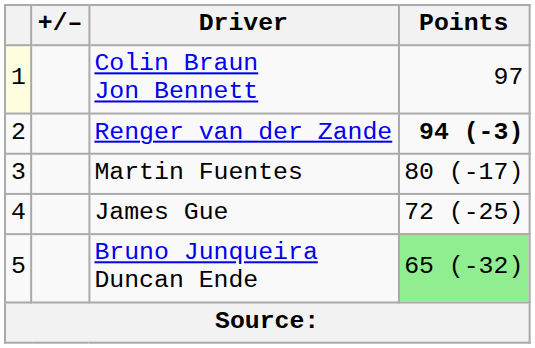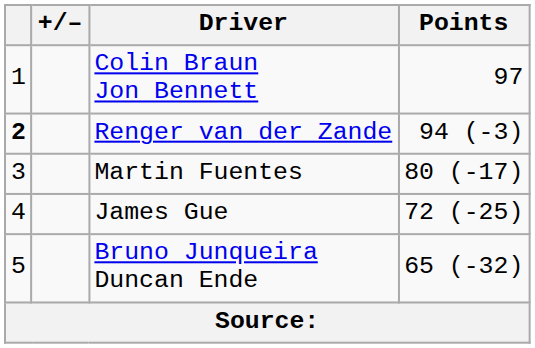 <table class="wikitable" style="font-size: 95%;">
 <tr>
 <th scope="col"></th>
 <th scope="col">+/–</th>
 <th scope="col">Driver</th>
 <th scope="col">Points</th>
 </tr>
 <tr>
-<td align=center style="background: lightyellow;">1</td>
+<td align=center>1</td>
 <td align="left"></td>
 <td> <a href='#'>Colin Braun</a><br> <a href='#'>Jon Bennett</a></td>
 <td align=right>97</td>
 </tr>
 <tr>
-<td align=center>2</td>
+<td align=center><strong>2</strong></td>
 <td align="left"></td>
 <td> <a href='#'>Renger van der Zande</a></td>
-<td align=right><strong>94 (-3)</strong></td>
+<td align=right>94 (-3)</td>
 </tr>
 <tr>
 <td align=center>3</td>
 <td align="left"></td>
 <td> Martin Fuentes</td>
 <td align=right>80 (-17)</td>
 </tr>
 <tr>
 <td align=center>4</td>
 <td align="left"></td>
 <td> James Gue</td>
 <td align=right>72 (-25)</td>
 </tr>
 <tr>
 <td align=center>5</td>
 <td align="left"></td>
 <td> <a href='#'>Bruno Junqueira</a><br> Duncan Ende</td>
-<td align=right style="background: lightgreen;">65 (-32)</td>
+<td align=right>65 (-32)</td>
 </tr>
 <tr>
 <th colspan=5>Source:</th>
 </tr>
 </table>
